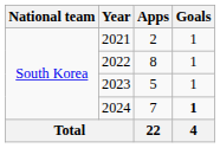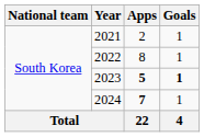 <table class=wikitable style=text-align:center>
 <tr>
 <th>National team</th>
 <th>Year</th>
 <th>Apps</th>
 <th>Goals</th>
 </tr>
 <tr>
 <td rowspan="4"><a href='#'>South Korea</a></td>
 <td>2021</td>
 <td>2</td>
 <td>1</td>
 </tr>
 <tr>
 <td>2022</td>
 <td>8</td>
 <td>1</td>
 </tr>
 <tr>
 <td>2023</td>
-<td>5</td>
-<td>1</td>
+<td><strong>5</strong></td>
+<td><strong>1</strong></td>
 </tr>
 <tr>
 <td>2024</td>
-<td>7</td>
-<td><strong>1</strong></td>
+<td><strong>7</strong></td>
+<td>1</td>
 </tr>
 <tr>
 <th colspan="2">Total</th>
 <th>22</th>
 <th>4</th>
 </tr>
 </table>
